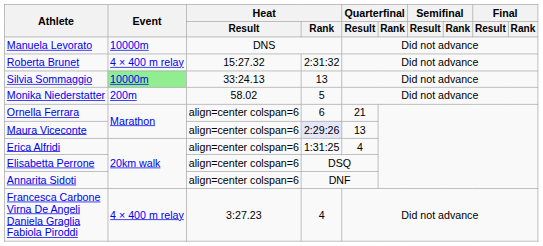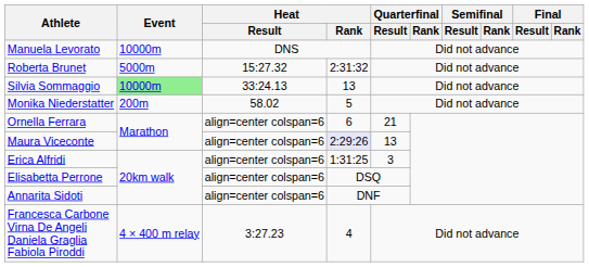 <table class=wikitable style="font-size:90%">
 <tr>
 <th rowspan="2">Athlete</th>
 <th rowspan="2">Event</th>
 <th colspan="2">Heat</th>
 <th colspan="2">Quarterfinal</th>
 <th colspan="2">Semifinal</th>
 <th colspan="2">Final</th>
 </tr>
 <tr style="font-size:95%">
 <th>Result</th>
 <th>Rank</th>
 <th>Result</th>
 <th>Rank</th>
 <th>Result</th>
 <th>Rank</th>
 <th>Result</th>
 <th>Rank</th>
 </tr>
 <tr>
 <td align=left><a href='#'>Manuela Levorato</a></td>
 <td align=left><a href='#'>10000m</a></td>
 <td align=center colspan=2>DNS</td>
 <td align=center colspan=6>Did not advance</td>
 </tr>
 <tr>
 <td align=left><a href='#'>Roberta Brunet</a></td>
-<td align=left><a href='#'>4 × 400 m relay</a></td>
+<td align=left><a href='#'>5000m</a></td>
 <td align=center>15:27.32</td>
 <td align=center>2:31:32</td>
 <td align=center colspan=6>Did not advance</td>
 </tr>
 <tr>
 <td align=left><a href='#'>Silvia Sommaggio</a></td>
 <td align=left style="background: lightgreen;"><a href='#'>10000m</a></td>
 <td align=center>33:24.13</td>
 <td align=center>13</td>
 <td align=center colspan=6>Did not advance</td>
 </tr>
 <tr>
 <td align=left><a href='#'>Monika Niederstatter</a></td>
 <td align=left><a href='#'>200m</a></td>
 <td align=center>58.02</td>
 <td align=center>5</td>
 <td align=center colspan=6>Did not advance</td>
 </tr>
 <tr>
 <td align=left><a href='#'>Ornella Ferrara</a></td>
 <td align=left rowspan=2><a href='#'>Marathon</a></td>
 <td>align=center colspan=6 </td>
 <td align=center>6</td>
 <td align=center>21</td>
 </tr>
 <tr>
 <td align=left><a href='#'>Maura Viceconte</a></td>
 <td>align=center colspan=6 </td>
 <td align=center style="background: lavender;">2:29:26</td>
 <td align=center>13</td>
 </tr>
 <tr>
 <td align=left><a href='#'>Erica Alfridi</a></td>
 <td align=left rowspan=3><a href='#'>20km walk</a></td>
 <td>align=center colspan=6 </td>
 <td align=center>1:31:25</td>
-<td align=center>4</td>
+<td align=center>3</td>
 </tr>
 <tr>
 <td align=left><a href='#'>Elisabetta Perrone</a></td>
 <td>align=center colspan=6 </td>
 <td align=center colspan=2>DSQ</td>
 </tr>
 <tr>
 <td align=left><a href='#'>Annarita Sidoti</a></td>
 <td>align=center colspan=6 </td>
 <td align=center colspan=2>DNF</td>
 </tr>
 <tr>
 <td align=left><a href='#'>Francesca Carbone</a><br> <a href='#'>Virna De Angeli</a><br> <a href='#'>Daniela Graglia</a><br> <a href='#'>Fabiola Piroddi</a></td>
 <td align=left><a href='#'>4 × 400 m relay</a></td>
 <td align=center>3:27.23</td>
 <td align=center>4</td>
 <td align=center colspan=6>Did not advance</td>
 </tr>
 </table>
